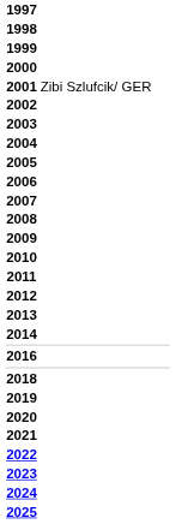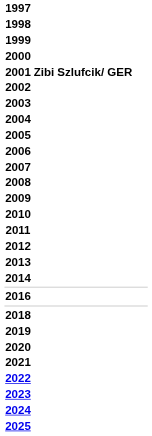 <table>
 <tr>
 <th scope="row;" align="center">1997</th>
 <td></td>
 <td></td>
 <td></td>
 <td></td>
 <td></td>
 <td></td>
 </tr>
 <tr>
 <th scope="row;" align="center">1998</th>
 <td></td>
 <td></td>
 <td></td>
 <td></td>
 <td></td>
 <td></td>
 </tr>
 <tr>
 <th scope="row;" align="center">1999</th>
 <td></td>
 <td></td>
 <td></td>
 <td></td>
 <td></td>
 <td></td>
 </tr>
 <tr>
 <th scope="row;" align="center">2000</th>
 <td></td>
 <td></td>
 <td></td>
 <td></td>
 <td></td>
 <td></td>
 </tr>
 <tr>
 <th scope="row;" align="center">2001</th>
-<td {{Flagathlete>Zibi Szlufcik/ GER</td>
+<td {{Flagathlete><strong>Zibi Szlufcik/ GER</strong></td>
 <td></td>
 <td></td>
 <td></td>
 <td></td>
 <td></td>
 </tr>
 <tr>
 <th scope="row;" align="center">2002</th>
 <td></td>
 <td></td>
 <td></td>
 <td></td>
 <td></td>
 <td></td>
 </tr>
 <tr>
 <th scope="row;" align="center">2003</th>
 <td></td>
 <td></td>
 <td></td>
 <td></td>
 <td></td>
 <td></td>
 </tr>
 <tr>
 <th scope="row;" align="center">2004</th>
 <td></td>
 <td></td>
 <td></td>
 <td></td>
 <td></td>
 <td></td>
 </tr>
 <tr>
 <th scope="row;" align="center">2005</th>
 <td></td>
 <td></td>
 <td></td>
 <td></td>
 <td></td>
 <td></td>
 </tr>
 <tr>
 <th scope="row;" align="center">2006</th>
 <td></td>
 <td></td>
 <td></td>
 <td></td>
 <td></td>
 <td></td>
 </tr>
 <tr>
 <th scope="row;" align="center">2007</th>
 <td></td>
 <td></td>
 <td></td>
 <td></td>
 <td></td>
 <td></td>
 </tr>
 <tr>
 <th scope="row;" align="center">2008</th>
 <td></td>
 <td></td>
 <td></td>
 <td></td>
 <td></td>
 <td></td>
 </tr>
 <tr>
 <th scope="row;" align="center">2009</th>
 <td></td>
 <td></td>
 <td></td>
 <td></td>
 <td></td>
 <td></td>
 </tr>
 <tr>
 <th scope="row;" align="center">2010</th>
 <td></td>
 <td></td>
 <td></td>
 <td></td>
 <td></td>
 <td></td>
 </tr>
 <tr>
 <th scope="row;" align="center">2011</th>
 <td></td>
 <td></td>
 <td></td>
 <td></td>
 <td></td>
 <td></td>
 </tr>
 <tr>
 <th scope="row;" align="center">2012</th>
 <td></td>
 <td></td>
 <td></td>
 <td></td>
 <td></td>
 <td></td>
 </tr>
 <tr>
 <th scope="row;" align="center">2013</th>
 <td></td>
 <td></td>
 <td></td>
 <td></td>
 <td></td>
 <td></td>
 </tr>
 <tr>
 <th scope="row;" align="center">2014</th>
 <td></td>
 <td></td>
 <td></td>
 <td></td>
 <td></td>
 <td></td>
 </tr>
 <tr>
 <td colspan="7" align="center" style="background: #DDDDDD"></td>
 </tr>
 <tr>
 <th scope="row;" align="center">2016</th>
 <td></td>
 <td></td>
 <td></td>
 <td></td>
 <td></td>
 <td></td>
 </tr>
 <tr>
 <td colspan="7" align="center" style="background: #DDDDDD"></td>
 </tr>
 <tr>
 <th scope="row;" align="center">2018</th>
 <td></td>
 <td></td>
 <td></td>
 <td></td>
 <td></td>
 <td></td>
 </tr>
 <tr>
 <th scope="row;" align="center">2019</th>
 <td></td>
 <td></td>
 <td></td>
 <td></td>
 <td></td>
 <td></td>
 </tr>
 <tr>
 <th scope="row;" align="center">2020</th>
 <td></td>
 <td></td>
 <td></td>
 <td></td>
 <td></td>
 <td></td>
 </tr>
 <tr>
 <th scope="row;" align="center">2021</th>
 <td></td>
 <td></td>
 <td></td>
 <td></td>
 <td></td>
 <td></td>
 </tr>
 <tr>
 <th scope="row;" align="center"><a href='#'>2022</a></th>
 <td></td>
 <td></td>
 <td></td>
 <td></td>
 <td></td>
 <td></td>
 </tr>
 <tr>
 <th scope="row;" align="center"><a href='#'>2023</a></th>
 <td></td>
 <td></td>
 <td></td>
 <td></td>
 <td></td>
 <td></td>
 </tr>
 <tr>
 <th scope="row;" align="center"><a href='#'>2024</a></th>
 <td></td>
 <td></td>
 <td></td>
 <td></td>
 <td></td>
 <td></td>
 </tr>
 <tr>
 <th scope="row;" align="center"><a href='#'>2025</a></th>
 <td></td>
 <td></td>
 <td></td>
 <td></td>
 <td></td>
 <td></td>
 </tr>
 </table>
